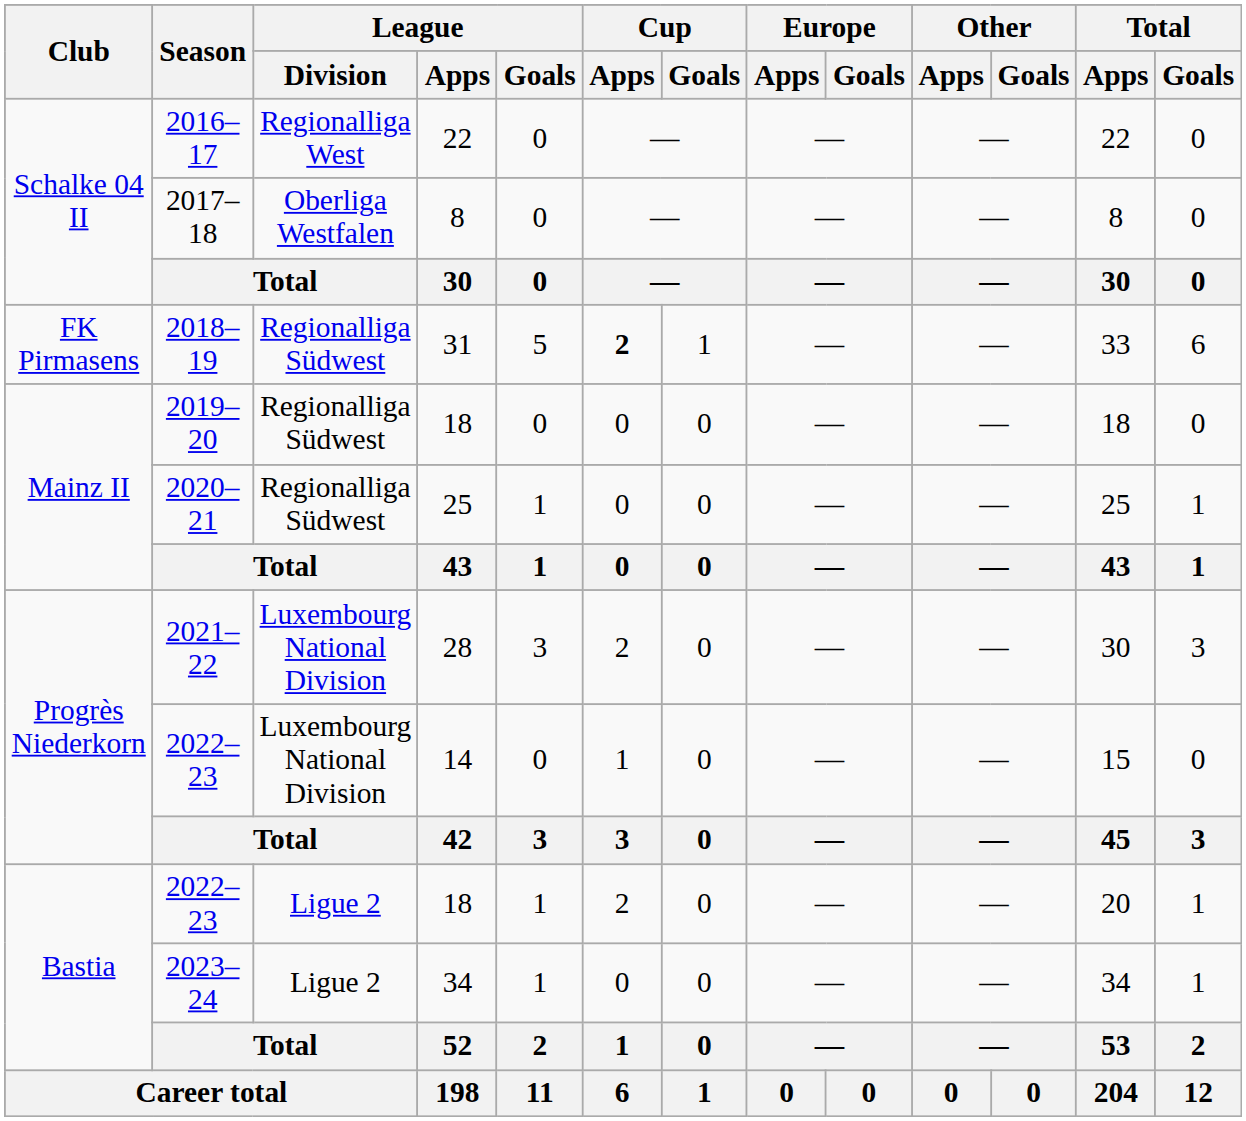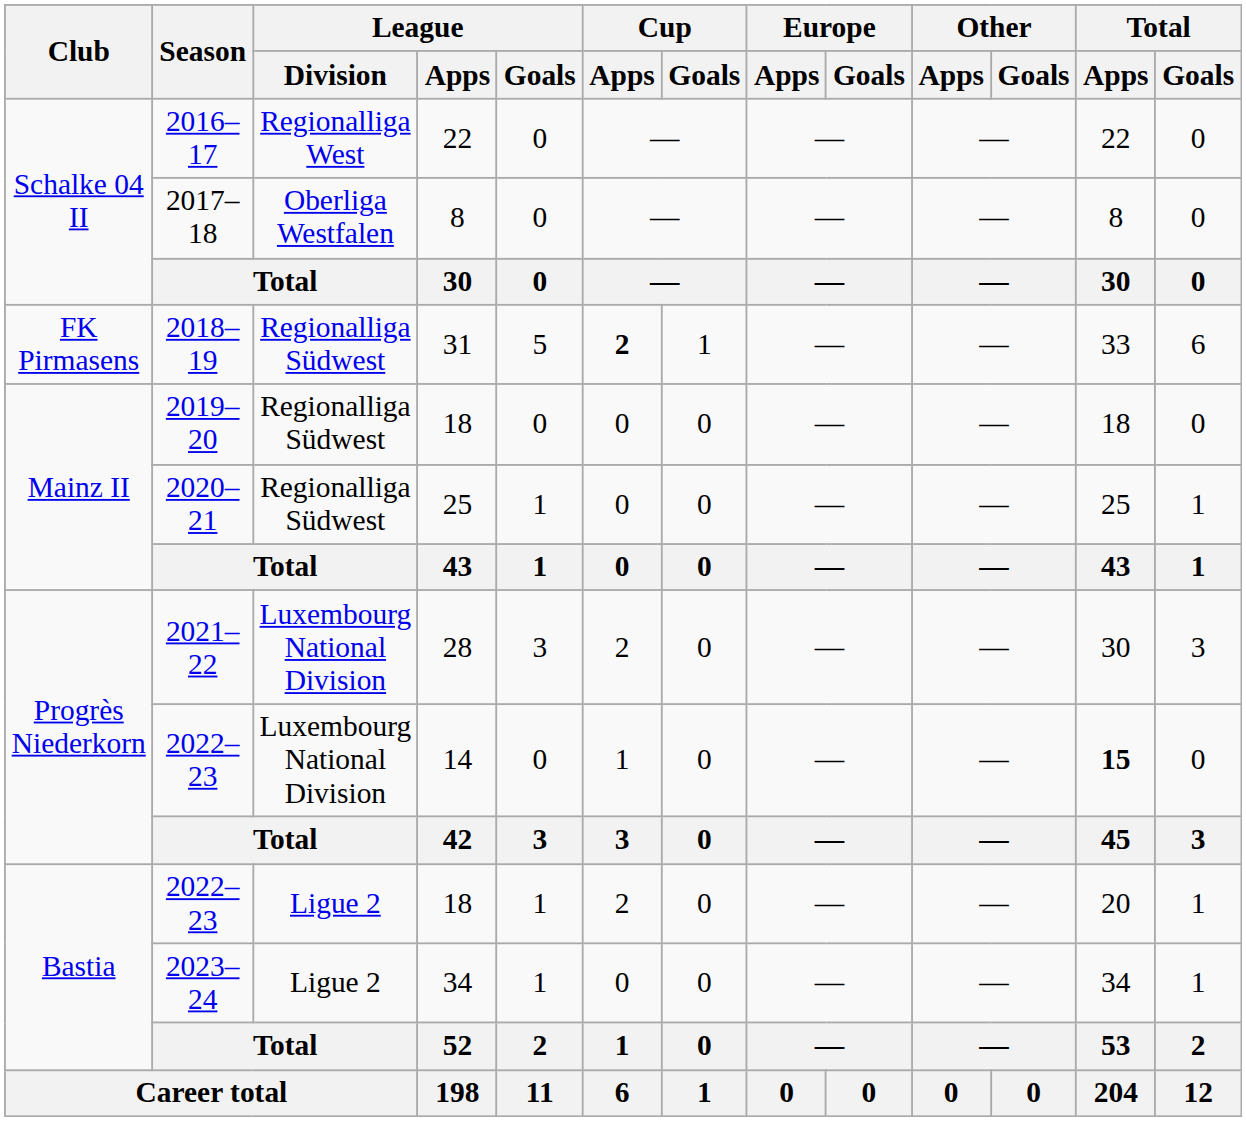 <table class="wikitable" style="text-align:center">
 <tr>
 <th rowspan="2">Club</th>
 <th rowspan="2">Season</th>
 <th colspan="3">League</th>
 <th colspan="2">Cup</th>
 <th colspan="2">Europe</th>
 <th colspan="2">Other</th>
 <th colspan="2">Total</th>
 </tr>
 <tr>
 <th>Division</th>
 <th>Apps</th>
 <th>Goals</th>
 <th>Apps</th>
 <th>Goals</th>
 <th>Apps</th>
 <th>Goals</th>
 <th>Apps</th>
 <th>Goals</th>
 <th>Apps</th>
 <th>Goals</th>
 </tr>
 <tr>
 <td rowspan="3"><a href='#'>Schalke 04 II</a></td>
 <td><a href='#'>2016–17</a></td>
 <td><a href='#'>Regionalliga West</a></td>
 <td>22</td>
 <td>0</td>
 <td colspan="2">—</td>
 <td colspan="2">—</td>
 <td colspan="2">—</td>
 <td>22</td>
 <td>0</td>
 </tr>
 <tr>
 <td>2017–18</td>
 <td><a href='#'>Oberliga Westfalen</a></td>
 <td>8</td>
 <td>0</td>
 <td colspan="2">—</td>
 <td colspan="2">—</td>
 <td colspan="2">—</td>
 <td>8</td>
 <td>0</td>
 </tr>
 <tr>
 <th colspan="2">Total</th>
 <th>30</th>
 <th>0</th>
 <th colspan="2">—</th>
 <th colspan="2">—</th>
 <th colspan="2">—</th>
 <th>30</th>
 <th>0</th>
 </tr>
 <tr>
 <td><a href='#'>FK Pirmasens</a></td>
 <td><a href='#'>2018–19</a></td>
 <td><a href='#'>Regionalliga Südwest</a></td>
 <td>31</td>
 <td>5</td>
 <td><strong>2</strong></td>
 <td>1</td>
 <td colspan="2">—</td>
 <td colspan="2">—</td>
 <td>33</td>
 <td>6</td>
 </tr>
 <tr>
 <td rowspan="3"><a href='#'>Mainz II</a></td>
 <td><a href='#'>2019–20</a></td>
 <td>Regionalliga Südwest</td>
 <td>18</td>
 <td>0</td>
 <td>0</td>
 <td>0</td>
 <td colspan="2">—</td>
 <td colspan="2">—</td>
 <td>18</td>
 <td>0</td>
 </tr>
 <tr>
 <td><a href='#'>2020–21</a></td>
 <td>Regionalliga Südwest</td>
 <td>25</td>
 <td>1</td>
 <td>0</td>
 <td>0</td>
 <td colspan="2">—</td>
 <td colspan="2">—</td>
 <td>25</td>
 <td>1</td>
 </tr>
 <tr>
 <th colspan="2">Total</th>
 <th>43</th>
 <th>1</th>
 <th>0</th>
 <th>0</th>
 <th colspan="2">—</th>
 <th colspan="2">—</th>
 <th>43</th>
 <th>1</th>
 </tr>
 <tr>
 <td rowspan="3"><a href='#'>Progrès Niederkorn</a></td>
 <td><a href='#'>2021–22</a></td>
 <td><a href='#'>Luxembourg National Division</a></td>
 <td>28</td>
 <td>3</td>
 <td>2</td>
 <td>0</td>
 <td colspan="2">—</td>
 <td colspan="2">—</td>
 <td>30</td>
 <td>3</td>
 </tr>
 <tr>
 <td><a href='#'>2022–23</a></td>
 <td>Luxembourg National Division</td>
 <td>14</td>
 <td>0</td>
 <td>1</td>
 <td>0</td>
 <td colspan="2">—</td>
 <td colspan="2">—</td>
-<td>15</td>
+<td><strong>15</strong></td>
 <td>0</td>
 </tr>
 <tr>
 <th colspan="2">Total</th>
 <th>42</th>
 <th>3</th>
 <th>3</th>
 <th>0</th>
 <th colspan="2">—</th>
 <th colspan="2">—</th>
 <th>45</th>
 <th>3</th>
 </tr>
 <tr>
 <td rowspan="3"><a href='#'>Bastia</a></td>
 <td><a href='#'>2022–23</a></td>
 <td><a href='#'>Ligue 2</a></td>
 <td>18</td>
 <td>1</td>
 <td>2</td>
 <td>0</td>
 <td colspan="2">—</td>
 <td colspan="2">—</td>
 <td>20</td>
 <td>1</td>
 </tr>
 <tr>
 <td><a href='#'>2023–24</a></td>
 <td>Ligue 2</td>
 <td>34</td>
 <td>1</td>
 <td>0</td>
 <td>0</td>
 <td colspan="2">—</td>
 <td colspan="2">—</td>
 <td>34</td>
 <td>1</td>
 </tr>
 <tr>
 <th colspan="2">Total</th>
 <th>52</th>
 <th>2</th>
 <th>1</th>
 <th>0</th>
 <th colspan="2">—</th>
 <th colspan="2">—</th>
 <th>53</th>
 <th>2</th>
 </tr>
 <tr>
 <th colspan="3">Career total</th>
 <th>198</th>
 <th>11</th>
 <th>6</th>
 <th>1</th>
 <th>0</th>
 <th>0</th>
 <th>0</th>
 <th>0</th>
 <th>204</th>
 <th>12</th>
 </tr>
 </table>
